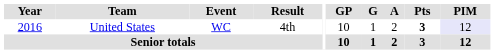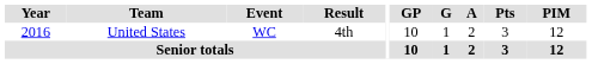 <table border="0" cellpadding="1" cellspacing="0" ID="Table3" style="text-align:center; width:40em">
 <tr ALIGN="center" bgcolor="#e0e0e0">
 <th>Year</th>
 <th>Team</th>
 <th>Event</th>
 <th>Result</th>
 <th rowspan="99" bgcolor="#ffffff"></th>
 <th>GP</th>
 <th>G</th>
 <th>A</th>
 <th>Pts</th>
 <th>PIM</th>
 </tr>
 <tr>
 <td><a href='#'>2016</a></td>
 <td><a href='#'>United States</a></td>
 <td><a href='#'>WC</a></td>
 <td>4th</td>
 <td>10</td>
 <td>1</td>
 <td>2</td>
-<td><strong>3</strong></td>
-<td style="background: lavender;">12</td>
+<td>3</td>
+<td>12</td>
 </tr>
 <tr bgcolor="#e0e0e0">
 <th colspan="4">Senior totals</th>
 <th>10</th>
 <th>1</th>
 <th>2</th>
 <th>3</th>
 <th>12</th>
 </tr>
 </table>
